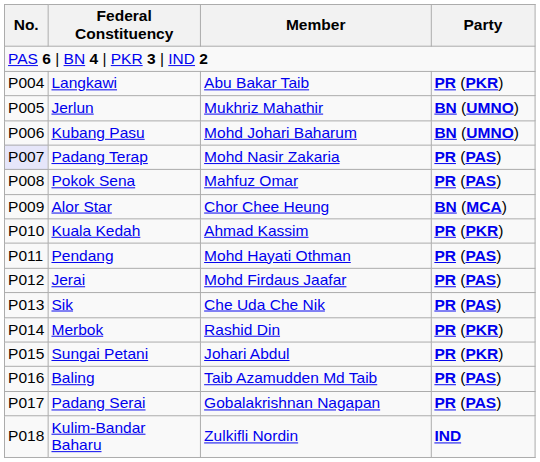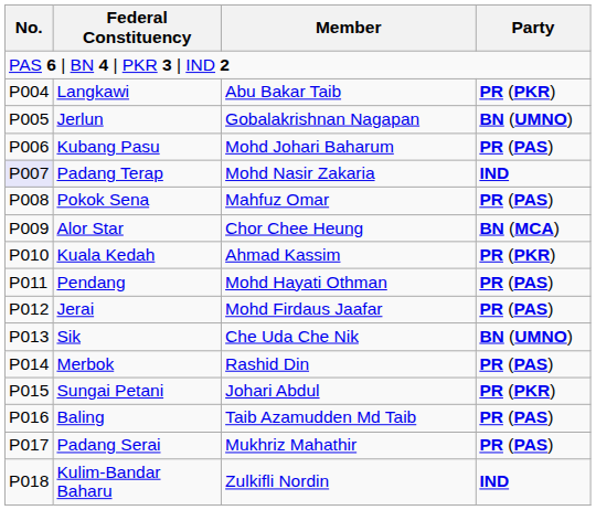 <table class ="wikitable sortable">
 <tr>
 <th style="width:30px;">No.</th>
 <th style="width:150px;">Federal Constituency</th>
 <th style="width:230px;">Member</th>
 <th style="width:100px;">Party</th>
 </tr>
 <tr>
 <td colspan="4"><a href='#'>PAS</a> <strong>6</strong> | <a href='#'>BN</a> <strong>4</strong> | <a href='#'>PKR</a> <strong>3</strong> | <a href='#'>IND</a> <strong>2</strong></td>
 </tr>
 <tr>
 <td>P004</td>
 <td><a href='#'>Langkawi</a></td>
 <td><a href='#'>Abu Bakar Taib</a></td>
 <td><strong><a href='#'>PR</a></strong> (<strong><a href='#'>PKR</a></strong>)</td>
 </tr>
 <tr>
 <td>P005</td>
 <td><a href='#'>Jerlun</a></td>
-<td><a href='#'>Mukhriz Mahathir</a></td>
+<td><a href='#'>Gobalakrishnan Nagapan</a></td>
 <td><strong><a href='#'>BN</a></strong> (<strong><a href='#'>UMNO</a></strong>)</td>
 </tr>
 <tr>
 <td>P006</td>
 <td><a href='#'>Kubang Pasu</a></td>
 <td><a href='#'>Mohd Johari Baharum</a></td>
-<td><strong><a href='#'>BN</a></strong> (<strong><a href='#'>UMNO</a></strong>)</td>
+<td><strong><a href='#'>PR</a></strong> (<strong><a href='#'>PAS</a></strong>)</td>
 </tr>
 <tr>
 <td style="background: lavender;">P007</td>
 <td><a href='#'>Padang Terap</a></td>
 <td><a href='#'>Mohd Nasir Zakaria</a></td>
-<td><strong><a href='#'>PR</a></strong> (<strong><a href='#'>PAS</a></strong>)</td>
+<td><strong><a href='#'>IND</a></strong></td>
 </tr>
 <tr>
 <td>P008</td>
 <td><a href='#'>Pokok Sena</a></td>
 <td><a href='#'>Mahfuz Omar</a></td>
 <td><strong><a href='#'>PR</a></strong> (<strong><a href='#'>PAS</a></strong>)</td>
 </tr>
 <tr>
 <td>P009</td>
 <td><a href='#'>Alor Star</a></td>
 <td><a href='#'>Chor Chee Heung</a></td>
 <td><strong><a href='#'>BN</a></strong> (<strong><a href='#'>MCA</a></strong>)</td>
 </tr>
 <tr>
 <td>P010</td>
 <td><a href='#'>Kuala Kedah</a></td>
 <td><a href='#'>Ahmad Kassim</a></td>
 <td><strong><a href='#'>PR</a></strong> (<strong><a href='#'>PKR</a></strong>)</td>
 </tr>
 <tr>
 <td>P011</td>
 <td><a href='#'>Pendang</a></td>
 <td><a href='#'>Mohd Hayati Othman</a></td>
 <td><strong><a href='#'>PR</a></strong> (<strong><a href='#'>PAS</a></strong>)</td>
 </tr>
 <tr>
 <td>P012</td>
 <td><a href='#'>Jerai</a></td>
 <td><a href='#'>Mohd Firdaus Jaafar</a></td>
 <td><strong><a href='#'>PR</a></strong> (<strong><a href='#'>PAS</a></strong>)</td>
 </tr>
 <tr>
 <td>P013</td>
 <td><a href='#'>Sik</a></td>
 <td><a href='#'>Che Uda Che Nik</a></td>
-<td><strong><a href='#'>PR</a></strong> (<strong><a href='#'>PAS</a></strong>)</td>
+<td><strong><a href='#'>BN</a></strong> (<strong><a href='#'>UMNO</a></strong>)</td>
 </tr>
 <tr>
 <td>P014</td>
 <td><a href='#'>Merbok</a></td>
 <td><a href='#'>Rashid Din</a></td>
-<td><strong><a href='#'>PR</a></strong> (<strong><a href='#'>PKR</a></strong>)</td>
+<td><strong><a href='#'>PR</a></strong> (<strong><a href='#'>PAS</a></strong>)</td>
 </tr>
 <tr>
 <td>P015</td>
 <td><a href='#'>Sungai Petani</a></td>
 <td><a href='#'>Johari Abdul</a></td>
 <td><strong><a href='#'>PR</a></strong> (<strong><a href='#'>PKR</a></strong>)</td>
 </tr>
 <tr>
 <td>P016</td>
 <td><a href='#'>Baling</a></td>
 <td><a href='#'>Taib Azamudden Md Taib</a></td>
 <td><strong><a href='#'>PR</a></strong> (<strong><a href='#'>PAS</a></strong>)</td>
 </tr>
 <tr>
 <td>P017</td>
 <td><a href='#'>Padang Serai</a></td>
-<td><a href='#'>Gobalakrishnan Nagapan</a></td>
+<td><a href='#'>Mukhriz Mahathir</a></td>
 <td><strong><a href='#'>PR</a></strong> (<strong><a href='#'>PAS</a></strong>)</td>
 </tr>
 <tr>
 <td>P018</td>
 <td><a href='#'>Kulim-Bandar Baharu</a></td>
 <td><a href='#'>Zulkifli Nordin</a></td>
 <td><strong><a href='#'>IND</a></strong></td>
 </tr>
 </table>
